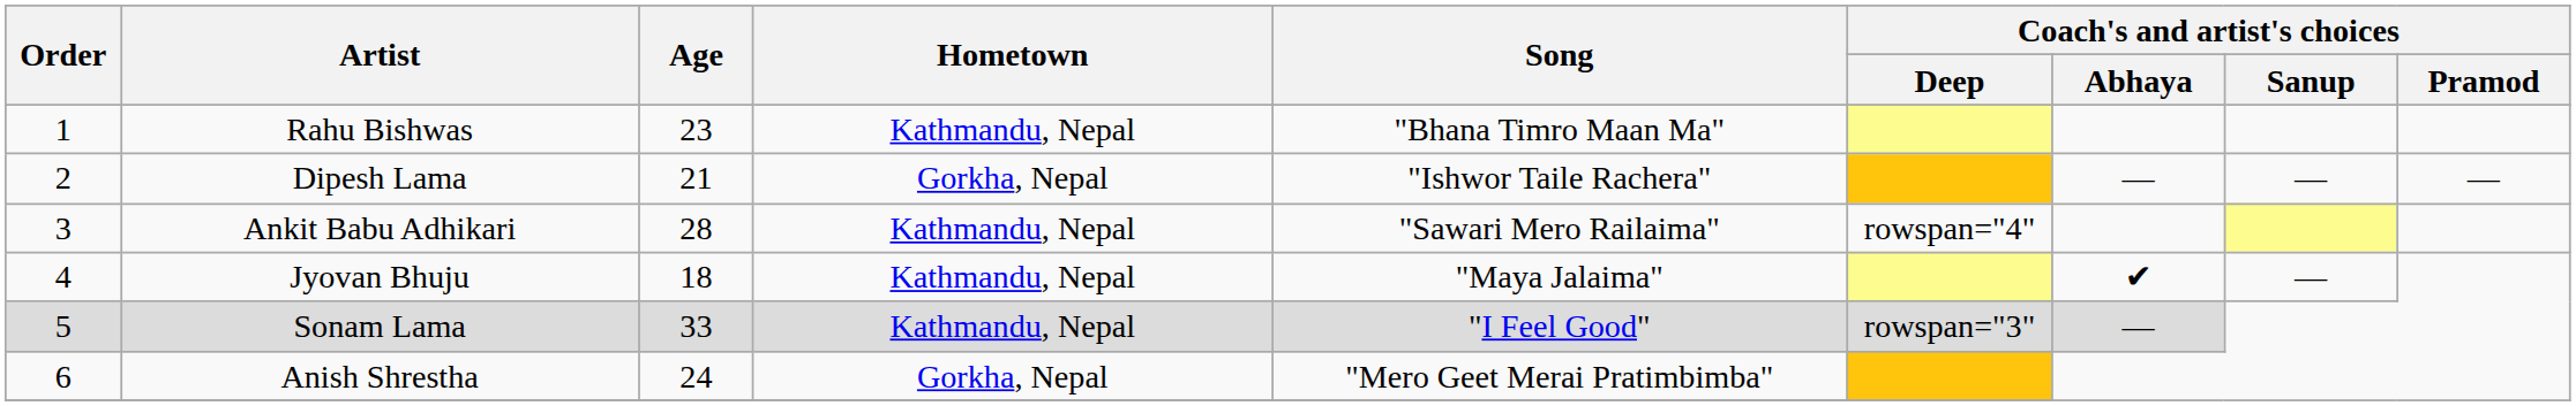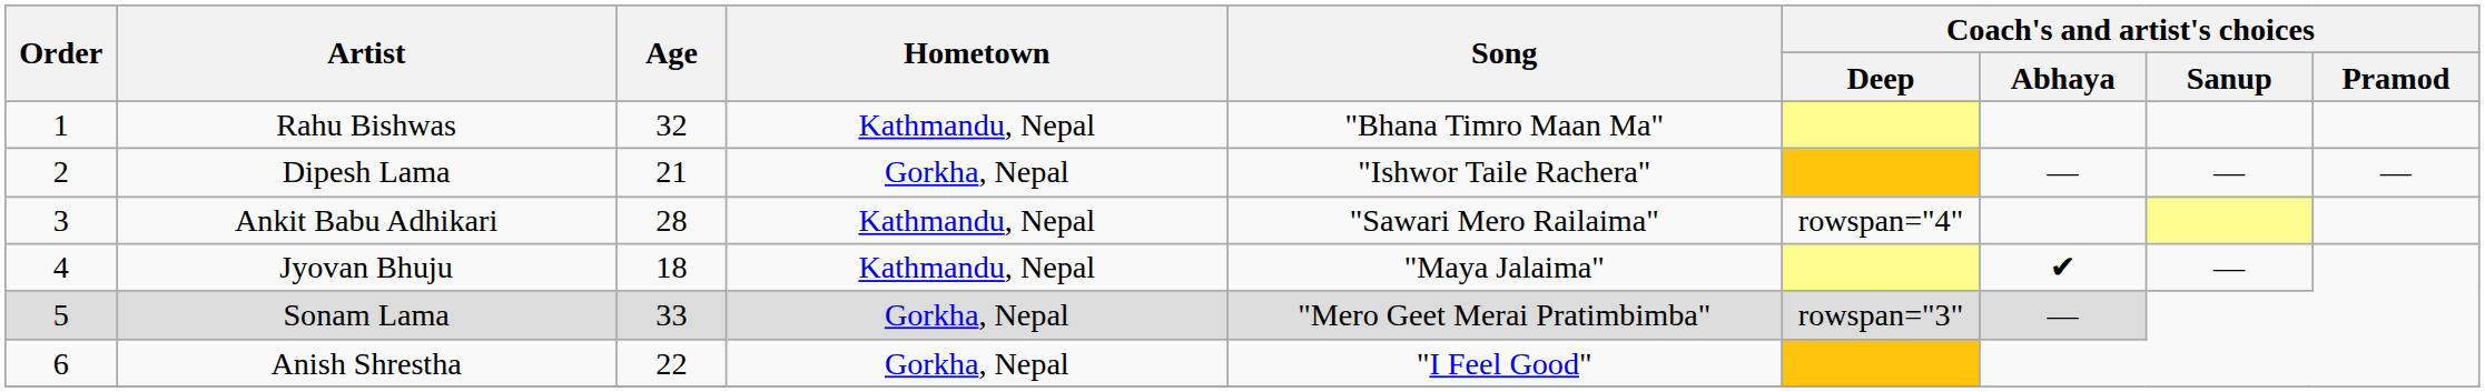 <table class="wikitable plainrowheaders" style="text-align:center; line-height:17px; width:100%;">
 <tr>
 <th rowspan="2" scope="col" style="width:04%;">Order</th>
 <th rowspan="2" scope="col" style="width:18%;">Artist</th>
 <th rowspan="2" scope="col" style="width:04%;">Age</th>
 <th rowspan="2" scope="col" style="width:18%;">Hometown</th>
 <th rowspan="2" scope="col" style="width:20%;">Song</th>
 <th colspan="4" scope="col" style="width:24%;">Coach's and artist's choices</th>
 </tr>
 <tr>
 <th scope="col" style="width:06%;">Deep</th>
 <th scope="col" style="width:06%;">Abhaya</th>
 <th scope="col" style="width:06%;">Sanup</th>
 <th scope="col" style="width:06%;">Pramod</th>
 </tr>
 <tr>
 <td scope="row">1</td>
 <td>Rahu Bishwas</td>
-<td>23</td>
+<td>32</td>
 <td><a href='#'>Kathmandu</a>, Nepal</td>
 <td>"Bhana Timro Maan Ma"</td>
 <td style="background:#fdfd8f; "><strong></strong></td>
 <td><strong></strong></td>
 <td><strong></strong></td>
 <td><strong></strong></td>
 </tr>
 <tr>
 <td scope="row">2</td>
 <td>Dipesh Lama</td>
 <td>21</td>
 <td><a href='#'>Gorkha</a>, Nepal</td>
 <td>"Ishwor Taile Rachera"</td>
 <td style="background:#ffc40c; "><strong></strong></td>
 <td>—</td>
 <td>—</td>
 <td>—</td>
 </tr>
 <tr>
 <td scope="row">3</td>
 <td>Ankit Babu Adhikari</td>
 <td>28</td>
 <td><a href='#'>Kathmandu</a>, Nepal</td>
 <td>"Sawari Mero Railaima"</td>
 <td>rowspan="4" <strong></strong></td>
 <td><strong></strong></td>
 <td style="background:#fdfc8f; "><strong></strong></td>
 <td><strong></strong></td>
 </tr>
 <tr>
 <td scope="row">4</td>
 <td>Jyovan Bhuju</td>
 <td>18</td>
 <td><a href='#'>Kathmandu</a>, Nepal</td>
 <td>"Maya Jalaima"</td>
 <td style="background:#fdfc8f; "><strong></strong></td>
 <td>✔</td>
 <td>—</td>
 </tr>
 <tr style="background:#DCDCDC;">
 <td scope="row">5</td>
 <td>Sonam Lama</td>
 <td>33</td>
-<td><a href='#'>Kathmandu</a>, Nepal</td>
-<td>"<a href='#'>I Feel Good</a>"</td>
+<td><a href='#'>Gorkha</a>, Nepal</td>
+<td>"Mero Geet Merai Pratimbimba"</td>
 <td>rowspan="3" <strong></strong></td>
 <td>—</td>
 </tr>
 <tr>
 <td scope="row">6</td>
 <td>Anish Shrestha</td>
-<td>24</td>
+<td>22</td>
 <td><a href='#'>Gorkha</a>, Nepal</td>
-<td>"Mero Geet Merai Pratimbimba"</td>
+<td>"<a href='#'>I Feel Good</a>"</td>
 <td style="background:#ffc40c; "><strong></strong></td>
 </tr>
 <tr>
 </tr>
 </table>
